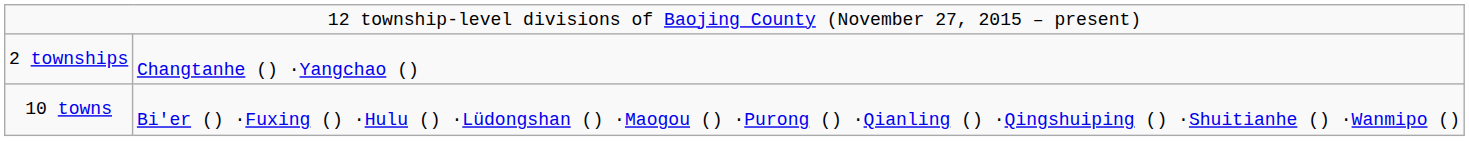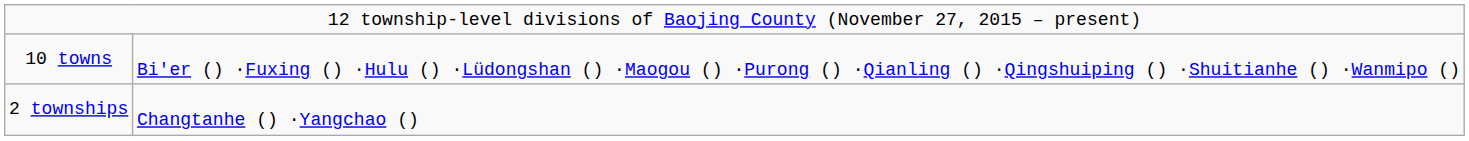 <table class="wikitable">
 <tr>
 <td style="text-align:center;" colspan="2">12 township-level divisions of <a href='#'>Baojing County</a> (November 27, 2015 – present)</td>
 </tr>
 <tr align=left>
+<td align=center>10 <a href='#'>towns</a></td>
+<td><br><a href='#'>Bi'er</a> () ·<a href='#'>Fuxing</a> () ·<a href='#'>Hulu</a> () ·<a href='#'>Lüdongshan</a> () ·<a href='#'>Maogou</a> () ·<a href='#'>Purong</a> () ·<a href='#'>Qianling</a> () ·<a href='#'>Qingshuiping</a> () ·<a href='#'>Shuitianhe</a> () ·<a href='#'>Wanmipo</a> ()</td>
+</tr>
+<tr align=left>
 <td align=center>2 <a href='#'>townships</a></td>
 <td><br><a href='#'>Changtanhe</a> () ·<a href='#'>Yangchao</a> ()</td>
 </tr>
-<tr align=left>
-<td align=center>10 <a href='#'>towns</a></td>
-<td><br><a href='#'>Bi'er</a> () ·<a href='#'>Fuxing</a> () ·<a href='#'>Hulu</a> () ·<a href='#'>Lüdongshan</a> () ·<a href='#'>Maogou</a> () ·<a href='#'>Purong</a> () ·<a href='#'>Qianling</a> () ·<a href='#'>Qingshuiping</a> () ·<a href='#'>Shuitianhe</a> () ·<a href='#'>Wanmipo</a> ()</td>
-</tr>
 </table>
